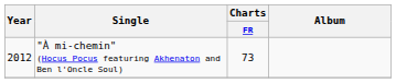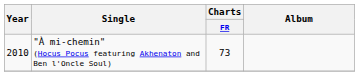 <table class="wikitable">
 <tr>
 <th align="center" rowspan="2" width="10">Year</th>
 <th align="center" rowspan="2" width="240">Single</th>
 <th align="center" colspan="1">Charts</th>
 <th align="center" rowspan="2" width="150">Album</th>
 </tr>
 <tr>
 <th width="40"><small><a href='#'>FR</a></small><br></th>
 </tr>
 <tr>
-<td>2012</td>
+<td>2010</td>
 <td>"À mi-chemin" <br><small>(<a href='#'>Hocus Pocus</a> featuring <a href='#'>Akhenaton</a> and Ben l'Oncle Soul)</small></td>
 <td align="center">73</td>
 <td align="center"></td>
 </tr>
 <tr>
 </tr>
 </table>
